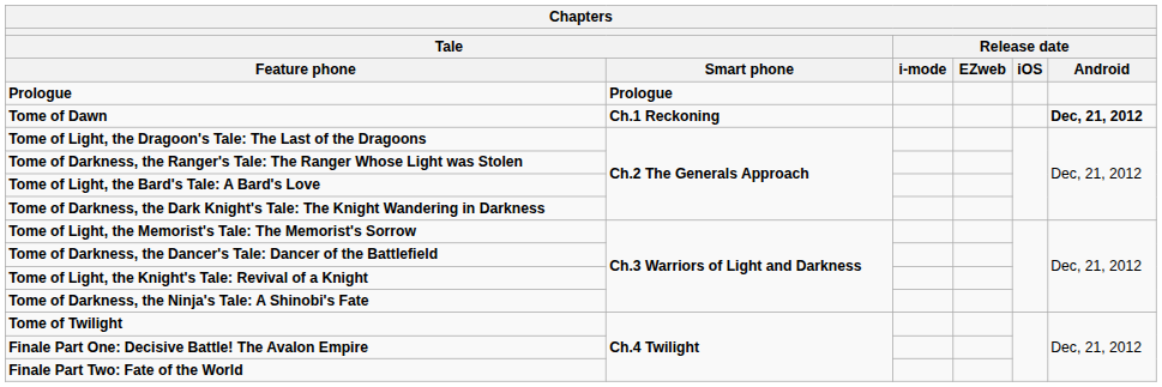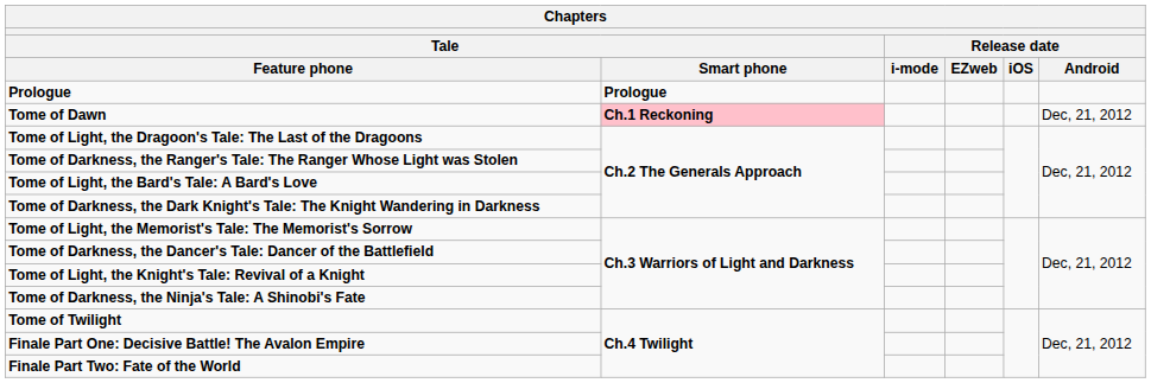 <table class="wikitable" style="width:100%;">
 <tr>
 <th colspan="6">Chapters</th>
 </tr>
 <tr>
 <th colspan="6" style="background:linear-gradient (0.25turn, crimson, orange, gold, limegreen, DodgerBlue, Navy);"></th>
 </tr>
 <tr>
 <th colspan="2">Tale</th>
 <th colspan="4">Release date</th>
 </tr>
 <tr>
 <th>Feature phone</th>
 <th>Smart phone</th>
 <th>i-mode</th>
 <th>EZweb</th>
 <th>iOS</th>
 <th>Android</th>
 </tr>
 <tr>
 <td><strong>Prologue</strong><br></td>
 <td><strong>Prologue</strong><br></td>
 <td></td>
 <td></td>
 <td></td>
 <td></td>
 </tr>
 <tr>
 <td><strong>Tome of Dawn</strong><br></td>
-<td><strong>Ch.1 Reckoning</strong><br></td>
+<td style="background: pink;"><strong>Ch.1 Reckoning</strong><br></td>
 <td></td>
 <td></td>
 <td></td>
-<td><strong>Dec, 21, 2012</strong></td>
+<td>Dec, 21, 2012</td>
 </tr>
 <tr>
 <td><strong>Tome of Light, the Dragoon's Tale: The Last of the Dragoons</strong><br></td>
 <td rowspan="4"><strong>Ch.2 The Generals Approach</strong><br></td>
 <td></td>
 <td></td>
 <td rowspan="4"></td>
 <td rowspan="4">Dec, 21, 2012</td>
 </tr>
 <tr>
 <td><strong>Tome of Darkness, the Ranger's Tale: The Ranger Whose Light was Stolen</strong><br></td>
 <td></td>
 <td></td>
 </tr>
 <tr>
 <td><strong>Tome of Light, the Bard's Tale: A Bard's Love</strong><br></td>
 <td></td>
 <td></td>
 </tr>
 <tr>
 <td><strong>Tome of Darkness, the Dark Knight's Tale: The Knight Wandering in Darkness</strong><br></td>
 <td> </td>
 <td></td>
 </tr>
 <tr>
 <td><strong>Tome of Light, the Memorist's Tale: The Memorist's Sorrow</strong><br></td>
 <td rowspan="4"><strong>Ch.3 Warriors of Light and Darkness</strong> <br></td>
 <td></td>
 <td></td>
 <td rowspan="4"></td>
 <td rowspan="4">Dec, 21, 2012</td>
 </tr>
 <tr>
 <td><strong>Tome of Darkness, the Dancer's Tale: Dancer of the Battlefield</strong><br></td>
 <td></td>
 <td></td>
 </tr>
 <tr>
 <td><strong>Tome of Light, the Knight's Tale: Revival of a Knight</strong><br></td>
 <td></td>
 <td></td>
 </tr>
 <tr>
 <td><strong>Tome of Darkness, the Ninja's Tale: A Shinobi's Fate</strong><br></td>
 <td></td>
 <td></td>
 </tr>
 <tr>
 <td><strong>Tome of Twilight</strong><br></td>
 <td rowspan="3"><strong>Ch.4 Twilight</strong> <br></td>
 <td></td>
 <td></td>
 <td rowspan="3"></td>
 <td rowspan="3">Dec, 21, 2012</td>
 </tr>
 <tr>
 <td><strong>Finale Part One: Decisive Battle! The Avalon Empire</strong><br></td>
 <td></td>
 <td></td>
 </tr>
 <tr>
 <td><strong>Finale Part Two: Fate of the World</strong><br></td>
 <td></td>
 <td></td>
 </tr>
 </table>
